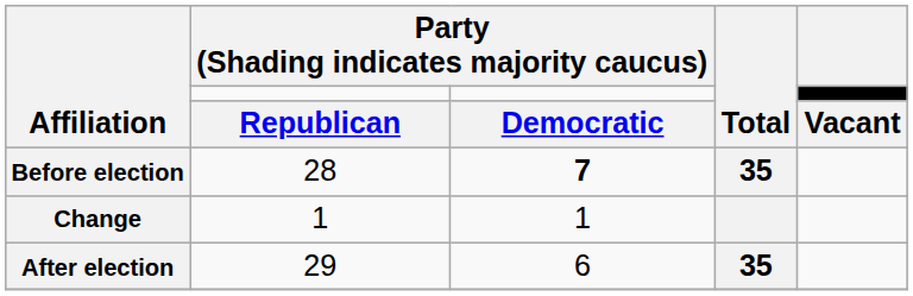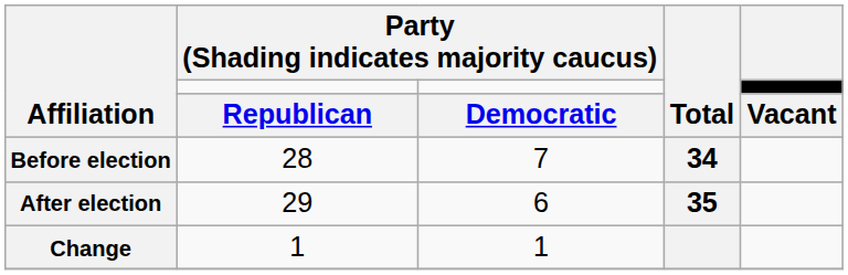 <table class=wikitable style="text-align:center">
 <tr style="vertical-align:bottom;">
 <th rowspan=3>Affiliation</th>
 <th colspan=2>Party <div>(Shading indicates majority caucus)</div></th>
 <th rowspan=3>Total</th>
 <th></th>
 </tr>
 <tr style="height:5px">
 <td style="background-color:"></td>
 <td style="background-color:"></td>
 <td style="background: black"></td>
 </tr>
 <tr>
 <th><a href='#'>Republican</a></th>
 <th><a href='#'>Democratic</a></th>
 <th>Vacant</th>
 </tr>
 <tr>
 <th nowrap style="font-size:80%">Before election</th>
 <td>28</td>
-<td><strong>7</strong></td>
+<td>7</td>
+<th>34</th>
+<td></td>
+</tr>
+<tr>
+<th nowrap style="font-size:80%">After election</th>
+<td>29</td>
+<td>6</td>
 <th>35</th>
 <td></td>
 </tr>
 <tr>
 <th nowrap style="font-size:80%">Change</th>
 <td> 1</td>
 <td> 1</td>
 <th></th>
 <td></td>
 </tr>
 <tr>
-<th nowrap style="font-size:80%">After election</th>
-<td>29</td>
-<td>6</td>
-<th>35</th>
-<td></td>
-</tr>
-<tr>
 </tr>
 </table>
